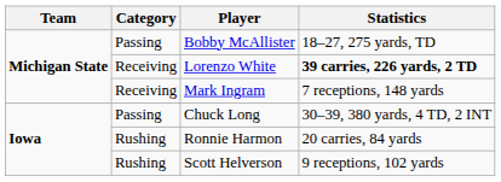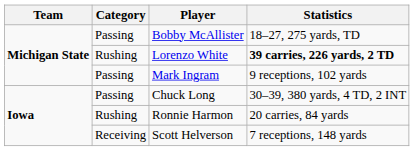 <table class="wikitable" style="float: left;">
 <tr>
 <th>Team</th>
 <th>Category</th>
 <th>Player</th>
 <th>Statistics</th>
 </tr>
 <tr>
 <td rowspan=3><strong>Michigan State</strong></td>
 <td>Passing</td>
 <td><a href='#'>Bobby McAllister</a></td>
 <td>18–27, 275 yards, TD</td>
 </tr>
 <tr>
-<td>Receiving</td>
+<td>Rushing</td>
 <td><a href='#'>Lorenzo White</a></td>
 <td><strong>39 carries, 226 yards, 2 TD</strong></td>
 </tr>
 <tr>
-<td>Receiving</td>
+<td>Passing</td>
 <td><a href='#'>Mark Ingram</a></td>
-<td>7 receptions, 148 yards</td>
+<td>9 receptions, 102 yards</td>
 </tr>
 <tr>
 <td rowspan=3><strong>Iowa</strong></td>
 <td>Passing</td>
 <td>Chuck Long</td>
 <td>30–39, 380 yards, 4 TD, 2 INT</td>
 </tr>
 <tr>
 <td>Rushing</td>
 <td>Ronnie Harmon</td>
 <td>20 carries, 84 yards</td>
 </tr>
 <tr>
-<td>Rushing</td>
+<td>Receiving</td>
 <td>Scott Helverson</td>
-<td>9 receptions, 102 yards</td>
+<td>7 receptions, 148 yards</td>
 </tr>
 </table>
